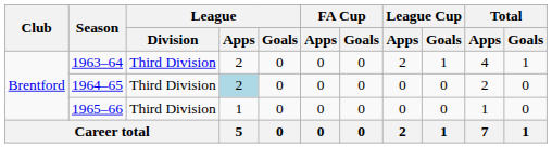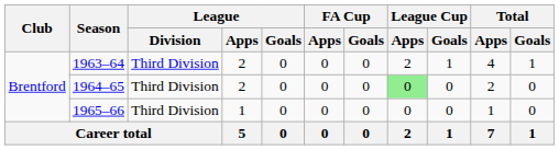 <table class="wikitable" style="text-align: center;">
 <tr>
 <th rowspan="2">Club</th>
 <th rowspan="2">Season</th>
 <th colspan="3">League</th>
 <th colspan="2">FA Cup</th>
 <th colspan="2">League Cup</th>
 <th colspan="2">Total</th>
 </tr>
 <tr>
 <th>Division</th>
 <th>Apps</th>
 <th>Goals</th>
 <th>Apps</th>
 <th>Goals</th>
 <th>Apps</th>
 <th>Goals</th>
 <th>Apps</th>
 <th>Goals</th>
 </tr>
 <tr>
 <td rowspan="3"><a href='#'>Brentford</a></td>
 <td><a href='#'>1963–64</a></td>
 <td><a href='#'>Third Division</a></td>
 <td>2</td>
 <td>0</td>
 <td>0</td>
 <td>0</td>
 <td>2</td>
 <td>1</td>
 <td>4</td>
 <td>1</td>
 </tr>
 <tr>
 <td><a href='#'>1964–65</a></td>
 <td>Third Division</td>
-<td style="background: lightblue;">2</td>
+<td>2</td>
 <td>0</td>
 <td>0</td>
 <td>0</td>
-<td>0</td>
+<td style="background: lightgreen;">0</td>
 <td>0</td>
 <td>2</td>
 <td>0</td>
 </tr>
 <tr>
 <td><a href='#'>1965–66</a></td>
 <td>Third Division</td>
 <td>1</td>
 <td>0</td>
 <td>0</td>
 <td>0</td>
 <td>0</td>
 <td>0</td>
 <td>1</td>
 <td>0</td>
 </tr>
 <tr>
 <th colspan="3">Career total</th>
 <th>5</th>
 <th>0</th>
 <th>0</th>
 <th>0</th>
 <th>2</th>
 <th>1</th>
 <th>7</th>
 <th>1</th>
 </tr>
 </table>
